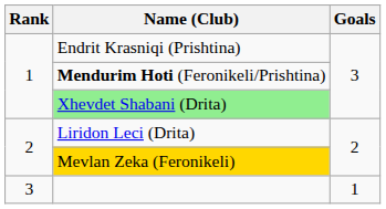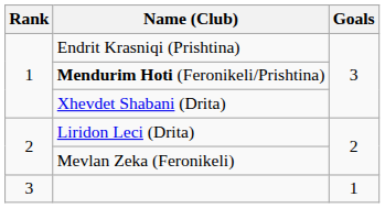 <table class="wikitable" style="text-align:center;font-size:90%">
 <tr>
 <th>Rank</th>
 <th>Name (Club)</th>
 <th>Goals</th>
 </tr>
 <tr>
 <td rowspan="3">1</td>
 <td align="left"> Endrit Krasniqi (Prishtina)</td>
 <td rowspan="3">3</td>
 </tr>
 <tr>
 <td align="left"> <strong>Mendurim Hoti</strong> (Feronikeli/Prishtina)</td>
 </tr>
 <tr>
-<td align="left" style="background: lightgreen;"> <a href='#'>Xhevdet Shabani</a> (Drita)</td>
+<td align="left"> <a href='#'>Xhevdet Shabani</a> (Drita)</td>
 </tr>
 <tr>
 <td rowspan="2">2</td>
 <td align="left"> <a href='#'>Liridon Leci</a> (Drita)</td>
 <td rowspan="2">2</td>
 </tr>
 <tr>
-<td align="left" style="background: gold;"> Mevlan Zeka (Feronikeli)</td>
+<td align="left"> Mevlan Zeka (Feronikeli)</td>
 </tr>
 <tr>
 <td>3</td>
 <td></td>
 <td>1</td>
 </tr>
 </table>
